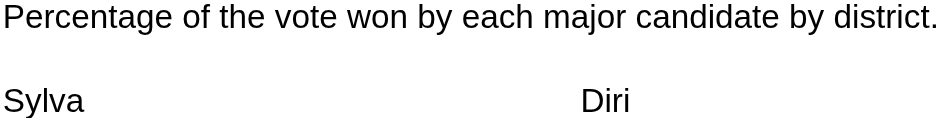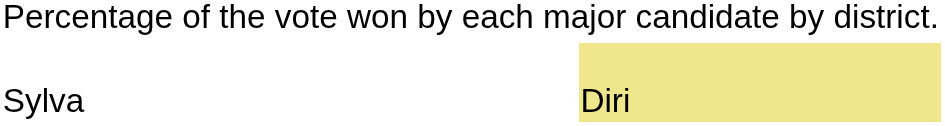 <table align=right>
 <tr>
 <td colspan=2>Percentage of the vote won by each major candidate by district.</td>
 </tr>
 <tr>
 <td><br>Sylva<br>  </td>
-<td><br>Diri<br>  </td>
+<td style="background: khaki;"><br>Diri<br>  </td>
 </tr>
 </table>
